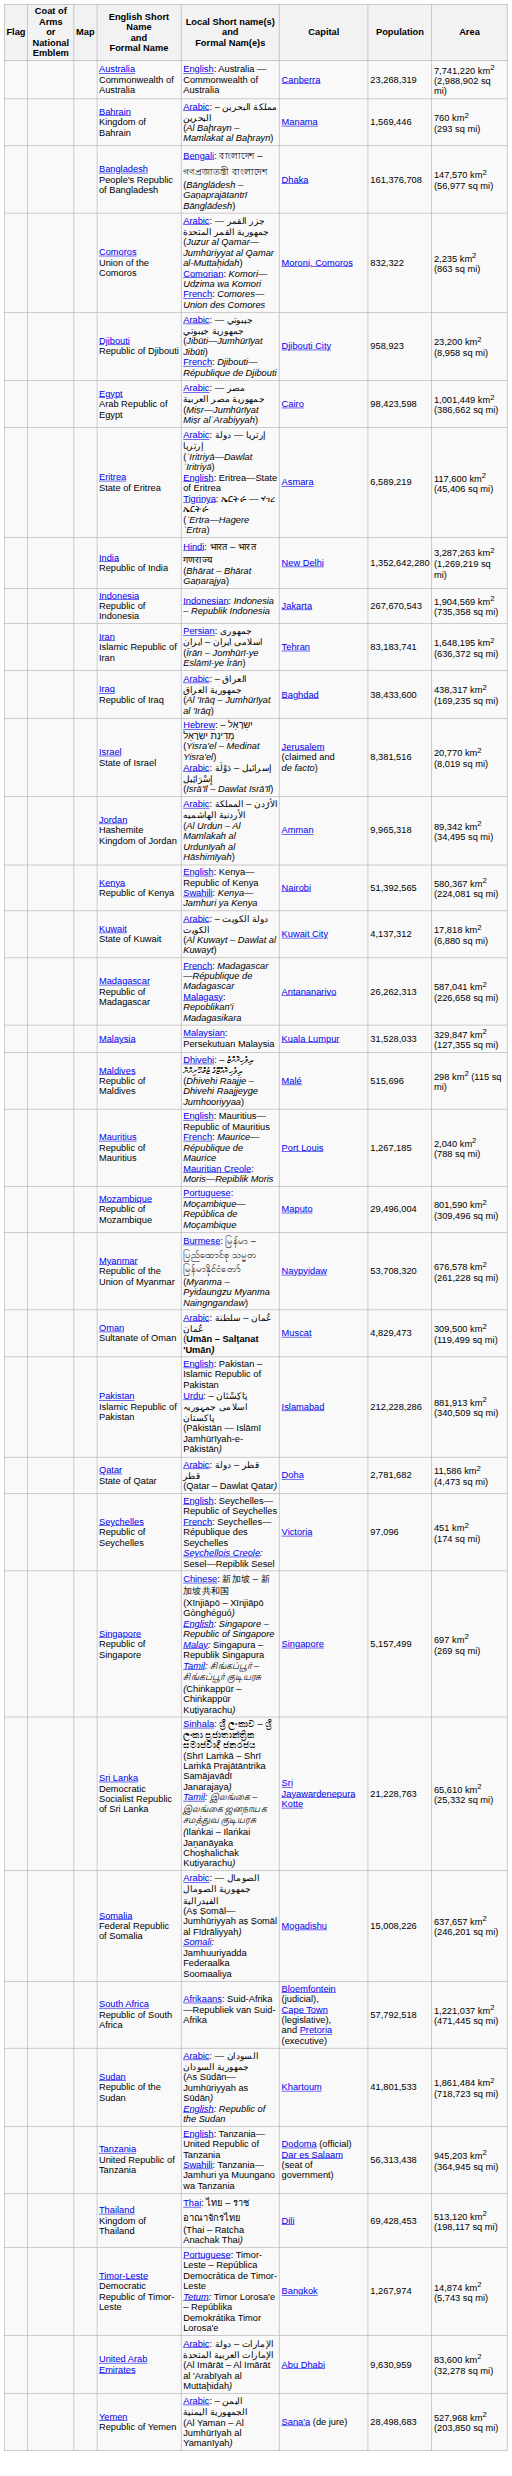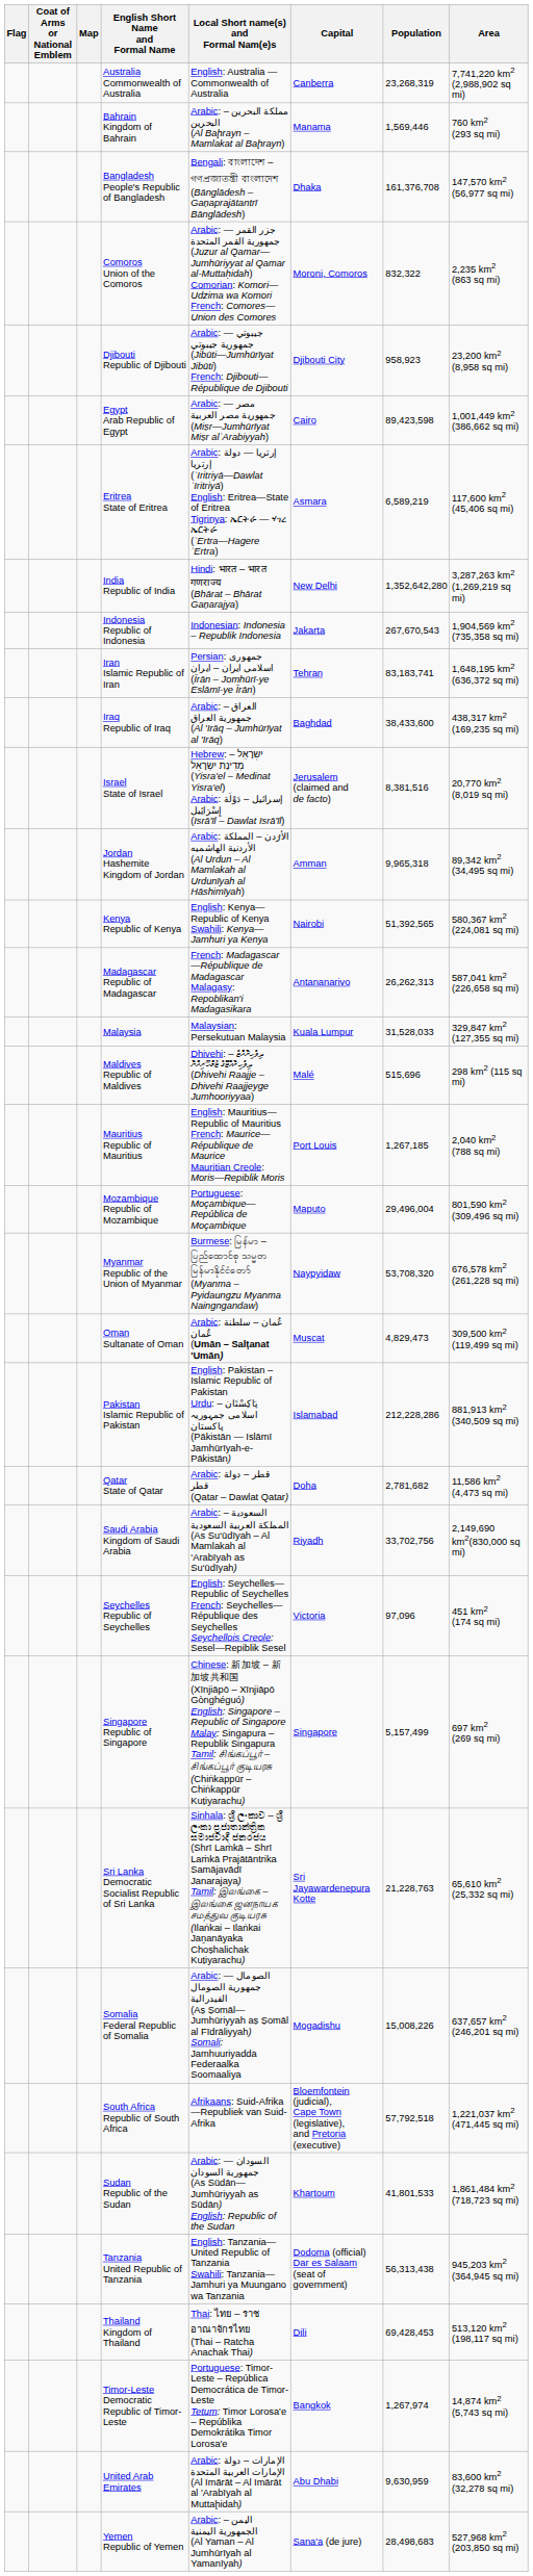 <table class="wikitable sortable mw-collapsible">
 <tr>
 <th>Flag</th>
 <th>Coat of Arms<br>or<br> National Emblem</th>
 <th>Map</th>
 <th>English Short Name<br>and<br> Formal Name</th>
 <th>Local Short name(s)<br>and<br>Formal Nam(e)s</th>
 <th>Capital</th>
 <th>Population</th>
 <th>Area</th>
 </tr>
 <tr>
 <td></td>
 <td></td>
 <td></td>
 <td><a href='#'>Australia</a><br>Commonwealth of Australia</td>
 <td><a href='#'>English</a>: Australia — Commonwealth of Australia</td>
 <td><a href='#'>Canberra</a></td>
 <td>23,268,319</td>
 <td>7,741,220 km<sup>2</sup><br>(2,988,902 sq mi)</td>
 </tr>
 <tr>
 <td></td>
 <td></td>
 <td></td>
 <td><a href='#'>Bahrain</a><br>Kingdom of Bahrain</td>
 <td><a href='#'>Arabic</a>: مملكة البحرين – البحرين<br>(<em>Al Baḩrayn – Mamlakat al Baḩrayn</em>)</td>
 <td><a href='#'>Manama</a></td>
 <td>1,569,446</td>
 <td>760 km<sup>2</sup><br>(293 sq mi)</td>
 </tr>
 <tr>
 <td></td>
 <td></td>
 <td></td>
 <td><a href='#'>Bangladesh</a><br>People's Republic of Bangladesh</td>
 <td><a href='#'>Bengali</a>: বাংলাদেশ – গণপ্রজাতন্ত্রী বাংলাদেশ<br>(<em>Bānglādesh – Gaṇaprajātantrī Bānglādesh</em>)</td>
 <td><a href='#'>Dhaka</a></td>
 <td>161,376,708</td>
 <td>147,570 km<sup>2</sup><br>(56,977 sq mi)</td>
 </tr>
 <tr>
 <td></td>
 <td></td>
 <td></td>
 <td><a href='#'>Comoros</a><br>Union of the Comoros</td>
 <td><a href='#'>Arabic</a>: جزر القمر — جمهورية القمر المتحدة<br>(<em>Juzur al Qamar—Jumhūriyyat al Qamar al-Muttaḥidah</em>)<br><a href='#'>Comorian</a>: <em>Komori—Udzima wa Komori</em><br><a href='#'>French</a>: <em>Comores—Union des Comores</em></td>
 <td><a href='#'>Moroni, Comoros</a></td>
 <td>832,322</td>
 <td>2,235 km<sup>2</sup><br>(863 sq mi)</td>
 </tr>
 <tr>
 <td></td>
 <td></td>
 <td></td>
 <td><a href='#'>Djibouti</a><br>Republic of Djibouti</td>
 <td><a href='#'>Arabic</a>: جيبوتي — جمهورية جيبوتي<br>(<em>Jibūti—Jumhūrīyat Jibūti</em>)<br><a href='#'>French</a>: <em>Djibouti—République de Djibouti</em></td>
 <td><a href='#'>Djibouti City</a></td>
 <td>958,923</td>
 <td>23,200 km<sup>2</sup><br>(8,958 sq mi)</td>
 </tr>
 <tr>
 <td></td>
 <td></td>
 <td></td>
 <td><a href='#'>Egypt</a><br>Arab Republic of Egypt</td>
 <td><a href='#'>Arabic</a>: مصر — جمهورية مصر العربية<br>(<em>Miṣr—Jumhūrīyat Miṣr alʿArabiyyah</em>)</td>
 <td><a href='#'>Cairo</a></td>
-<td>98,423,598</td>
+<td>89,423,598</td>
 <td>1,001,449 km<sup>2</sup><br>(386,662 sq mi)</td>
 </tr>
 <tr>
 <td></td>
 <td></td>
 <td></td>
 <td><a href='#'>Eritrea</a><br>State of Eritrea</td>
 <td><a href='#'>Arabic</a>: إرتريا — دولة إرتريا<br>(<em>ʾIritriyā—Dawlat ʾIritriyā</em>)<br><a href='#'>English</a>: Eritrea—State of Eritrea<br><a href='#'>Tigrinya</a>: ኤርትራ — ሃገረ ኤርትራ<br>(<em>ʾErtra—Hagere ʾErtra</em>)</td>
 <td><a href='#'>Asmara</a></td>
 <td>6,589,219</td>
 <td>117,600 km<sup>2</sup><br>(45,406 sq mi)</td>
 </tr>
 <tr>
 <td></td>
 <td></td>
 <td></td>
 <td><a href='#'>India</a><br>Republic of India</td>
 <td><a href='#'>Hindi</a>: भारत – भारत गणराज्य<br>(<em>Bhārat – Bhārat Gaṇarajya</em>)</td>
 <td><a href='#'>New Delhi</a></td>
 <td>1,352,642,280</td>
 <td>3,287,263 km<sup>2</sup> (1,269,219 sq mi)</td>
 </tr>
 <tr>
 <td></td>
 <td></td>
 <td></td>
 <td><a href='#'>Indonesia</a><br>Republic of Indonesia</td>
 <td><a href='#'>Indonesian</a>: <em>Indonesia – Republik Indonesia</em></td>
 <td><a href='#'>Jakarta</a></td>
 <td>267,670,543</td>
 <td>1,904,569 km<sup>2</sup> (735,358 sq mi)</td>
 </tr>
 <tr>
 <td></td>
 <td></td>
 <td></td>
 <td><a href='#'>Iran</a><br>Islamic Republic of Iran</td>
 <td><a href='#'>Persian</a>: جمهوری اسلامی ایران – ایران<br>(<em>Īrān – Jomhūrī-ye Eslāmī-ye Īrān</em>)</td>
 <td><a href='#'>Tehran</a></td>
 <td>83,183,741</td>
 <td>1,648,195 km<sup>2</sup> (636,372 sq mi)</td>
 </tr>
 <tr>
 <td></td>
 <td></td>
 <td></td>
 <td><a href='#'>Iraq</a><br>Republic of Iraq</td>
 <td><a href='#'>Arabic</a>: العراق – جمهورية العراق<br>(<em>Al 'Irāq – Jumhūrīyat al 'Irāq</em>)</td>
 <td><a href='#'>Baghdad</a></td>
 <td>38,433,600</td>
 <td>438,317 km<sup>2</sup> (169,235 sq mi)</td>
 </tr>
 <tr>
 <td></td>
 <td></td>
 <td></td>
 <td><a href='#'>Israel</a><br>State of Israel</td>
 <td><a href='#'>Hebrew</a>: יִשְרָאֵל – מְדִינַת יִשְׂרָאֵל<br>(<em>Yisra'el – Medinat Yisra'el</em>)<br><a href='#'>Arabic</a>: إسرائيل – دَوْلَة إِسْرَائِيل<br>(<em>Isrā'īl – Dawlat Isrā'īl</em>)</td>
 <td><a href='#'>Jerusalem</a><br>(claimed and<br><em>de facto</em>)</td>
 <td>8,381,516</td>
 <td>20,770 km<sup>2</sup><br>(8,019 sq mi)</td>
 </tr>
 <tr>
 <td></td>
 <td></td>
 <td></td>
 <td><a href='#'>Jordan</a><br>Hashemite Kingdom of Jordan</td>
 <td><a href='#'>Arabic</a>: اﻷرُدن – المملكة الأردنية الهاشميه<br>(<em>Al Urdun – Al Mamlakah al Urdunīyah al Hāshimīyah</em>)</td>
 <td><a href='#'>Amman</a></td>
 <td>9,965,318</td>
 <td>89,342 km<sup>2</sup> (34,495 sq mi)</td>
 </tr>
 <tr>
 <td></td>
 <td></td>
 <td></td>
 <td><a href='#'>Kenya</a><br>Republic of Kenya</td>
 <td><a href='#'>English</a>: Kenya—Republic of Kenya<br><a href='#'>Swahili</a>: <em>Kenya—Jamhuri ya Kenya</em></td>
 <td><a href='#'>Nairobi</a></td>
 <td>51,392,565</td>
 <td>580,367 km<sup>2</sup><br>(224,081 sq mi)</td>
-</tr>
-<tr>
-<td></td>
-<td></td>
-<td></td>
-<td><a href='#'>Kuwait</a><br>State of Kuwait</td>
-<td><a href='#'>Arabic</a>: دولة الكويت – اﻟﻜﻮﻳت<br>(<em>Al Kuwayt – Dawlat al Kuwayt</em>)</td>
-<td><a href='#'>Kuwait City</a></td>
-<td>4,137,312</td>
-<td>17,818 km<sup>2</sup> (6,880 sq mi)</td>
 </tr>
 <tr>
 <td></td>
 <td></td>
 <td></td>
 <td><a href='#'>Madagascar</a><br>Republic of Madagascar</td>
 <td><a href='#'>French</a>: <em>Madagascar—République de Madagascar</em><br><a href='#'>Malagasy</a>: <em>Repoblikan'i Madagasikara</em></td>
 <td><a href='#'>Antananarivo</a></td>
 <td>26,262,313</td>
 <td>587,041 km<sup>2</sup><br>(226,658 sq mi)</td>
 </tr>
 <tr>
 <td></td>
 <td></td>
 <td></td>
 <td><a href='#'>Malaysia</a></td>
 <td><a href='#'>Malaysian</a>: Persekutuan Malaysia</td>
 <td><a href='#'>Kuala Lumpur</a></td>
 <td>31,528,033</td>
 <td>329,847 km<sup>2</sup> (127,355 sq mi)</td>
 </tr>
 <tr>
 <td></td>
 <td></td>
 <td></td>
 <td><a href='#'>Maldives</a><br>Republic of Maldives</td>
 <td><a href='#'>Dhivehi</a>: ދިވެހިރާއްޖެ – ދިވެހިރާއްޖޭގެ ޖުމްހޫރިއްޔާ<br>(<em>Dhivehi Raajje – Dhivehi Raajjeyge Jumhooriyyaa</em>)</td>
 <td><a href='#'>Malé</a></td>
 <td>515,696</td>
 <td>298 km<sup>2</sup> (115 sq mi)</td>
 </tr>
 <tr>
 <td></td>
 <td></td>
 <td></td>
 <td><a href='#'>Mauritius</a><br>Republic of Mauritius</td>
 <td><a href='#'>English</a>: Mauritius—Republic of Mauritius<br><a href='#'>French</a>: <em>Maurice—République de Maurice</em><br><a href='#'>Mauritian Creole</a>: <em>Moris—Repiblik Moris</em></td>
 <td><a href='#'>Port Louis</a></td>
 <td>1,267,185</td>
 <td>2,040 km<sup>2</sup><br>(788 sq mi)</td>
 </tr>
 <tr>
 <td></td>
 <td></td>
 <td></td>
 <td><a href='#'>Mozambique</a><br>Republic of Mozambique</td>
 <td><a href='#'>Portuguese</a>: <em>Moçambique—República de Moçambique</em></td>
 <td><a href='#'>Maputo</a></td>
 <td>29,496,004</td>
 <td>801,590 km<sup>2</sup><br>(309,496 sq mi)</td>
 </tr>
 <tr>
 <td></td>
 <td></td>
 <td></td>
 <td><a href='#'>Myanmar</a><br>Republic of the Union of Myanmar</td>
 <td><a href='#'>Burmese</a>: မြန်မာ – ပြည်ထောင်စု သမ္မတ မြန်မာနိုင်ငံတော်<br>(<em>Myanma – Pyidaungzu Myanma Naingngandaw</em>)</td>
 <td><a href='#'>Naypyidaw</a></td>
 <td>53,708,320</td>
 <td>676,578 km<sup>2</sup> (261,228 sq mi)</td>
 </tr>
 <tr>
 <td></td>
 <td></td>
 <td></td>
 <td><a href='#'>Oman</a><br>Sultanate of Oman</td>
 <td><a href='#'>Arabic</a>: عُمان – سلطنة عُمان<br>(<strong>Umān – Salţanat 'Umān<em>)</td>
 <td><a href='#'>Muscat</a></td>
 <td>4,829,473</td>
 <td>309,500 km<sup>2</sup> (119,499 sq mi)</td>
 </tr>
 <tr>
 <td></td>
 <td></td>
 <td></td>
 <td><a href='#'>Pakistan</a><br>Islamic Republic of Pakistan</td>
 <td><a href='#'>English</a>: Pakistan – Islamic Republic of Pakistan<br><a href='#'>Urdu</a>: پَاکِسْتَان – اسلامی جمہوریہ پاکستان<br>(</em>Pākistān — Islāmī Jamhūrīyah-e-Pākistān<em>)</td>
 <td><a href='#'>Islamabad</a></td>
 <td>212,228,286</td>
 <td>881,913 km<sup>2</sup> (340,509 sq mi)</td>
 </tr>
 <tr>
 <td></td>
 <td></td>
 <td></td>
 <td><a href='#'>Qatar</a><br>State of Qatar</td>
 <td><a href='#'>Arabic</a>: قطر – دولة قطر<br>(</em>Qatar – Dawlat Qatar<em>)</td>
 <td><a href='#'>Doha</a></td>
 <td>2,781,682</td>
 <td>11,586 km<sup>2</sup> (4,473 sq mi)</td>
+</tr>
+<tr>
+<td></td>
+<td></td>
+<td></td>
+<td><a href='#'>Saudi Arabia</a><br>Kingdom of Saudi Arabia</td>
+<td><a href='#'>Arabic</a>: السعودية – المملكة العربية السعودية<br>(</em>As Su‘ūdīyah – Al Mamlakah al ‘Arabīyah as Su‘ūdīyah<em>)</td>
+<td><a href='#'>Riyadh</a></td>
+<td>33,702,756</td>
+<td>2,149,690 km<sup>2</sup>(830,000 sq mi)</td>
 </tr>
 <tr>
 <td></td>
 <td></td>
 <td></td>
 <td><a href='#'>Seychelles</a><br>Republic of Seychelles</td>
 <td><a href='#'>English</a>: Seychelles—Republic of Seychelles<br><a href='#'>French</a>: </em>Seychelles—République des Seychelles<em><br><a href='#'>Seychellois Creole</a>: </em>Sesel—Repiblik Sesel<em></td>
 <td><a href='#'>Victoria</a></td>
 <td>97,096</td>
 <td>451 km<sup>2</sup><br>(174 sq mi)</td>
 </tr>
 <tr>
 <td></td>
 <td></td>
 <td></td>
 <td><a href='#'>Singapore</a><br>Republic of Singapore</td>
 <td><a href='#'>Chinese</a>: 新加坡 – 新加坡共和国<br>(</em>Xīnjiāpō – Xīnjiāpō Gònghéguó<em>)<br><a href='#'>English</a>: Singapore – Republic of Singapore<br><a href='#'>Malay</a>: </em>Singapura – Republik Singapura<em><br><a href='#'>Tamil</a>: சிங்கப்பூர் – சிங்கப்பூர் குடியரசு<br>(</em>Chiṅkappūr – Chiṅkappūr Kuṭiyarachu<em>)</td>
 <td><a href='#'>Singapore</a></td>
 <td>5,157,499</td>
 <td>697 km<sup>2</sup><br>(269 sq mi)</td>
 </tr>
 <tr>
 <td></td>
 <td></td>
 <td></td>
 <td><a href='#'>Sri Lanka</a><br>Democratic Socialist Republic of Sri Lanka</td>
 <td><a href='#'>Sinhala</a>: ශ්‍රී ලංකාව – ශ්‍රී ලංකා ප්‍රජාතාන්ත්‍රික සමාජවාදී ජනරජය<br>(</em>Shrī Laṁkā – Shrī Laṁkā Prajātāntrika Samājavādī Janarajaya<em>)<br><a href='#'>Tamil</a>: இலங்கை – இலங்கை ஜனநாயக சமத்துவ குடியரசு<br>(</em>Ilaṅkai – Ilaṅkai Jaṉanāyaka Choṣhalichak Kuṭiyarachu<em>)</td>
 <td><a href='#'>Sri Jayawardenepura Kotte</a></td>
 <td>21,228,763</td>
 <td>65,610 km<sup>2</sup><br>(25,332 sq mi)</td>
 </tr>
 <tr>
 <td></td>
 <td></td>
 <td></td>
 <td><a href='#'>Somalia</a><br>Federal Republic of Somalia</td>
 <td><a href='#'>Arabic</a>: الصومال — جمهورية الصومال الفيدرالية<br>(</em>Aṣ Ṣomāl—Jumhūriyyah aṣ Ṣomāl al Fīdrāliyyah<em>)<br><a href='#'>Somali</a>: </em>Jamhuuriyadda Federaalka Soomaaliya<em></td>
 <td><a href='#'>Mogadishu</a></td>
 <td>15,008,226</td>
 <td>637,657 km<sup>2</sup><br>(246,201 sq mi)</td>
 </tr>
 <tr>
 <td></td>
 <td></td>
 <td></td>
 <td><a href='#'>South Africa</a><br>Republic of South Africa</td>
 <td><a href='#'>Afrikaans</a>: </em>Suid-Afrika—Republiek van Suid-Afrika<em><br><br> </td>
 <td><a href='#'>Bloemfontein</a> (judicial),<br><a href='#'>Cape Town</a> (legislative),<br>and <a href='#'>Pretoria</a> (executive)</td>
 <td>57,792,518</td>
 <td>1,221,037 km<sup>2</sup><br>(471,445 sq mi)</td>
 </tr>
 <tr>
 <td></td>
 <td></td>
 <td></td>
 <td><a href='#'>Sudan</a><br>Republic of the Sudan</td>
 <td><a href='#'>Arabic</a>: السودان — جمهورية السودان<br>(</em>As Sūdān—Jumhūriyyah as Sūdān<em>)<br><a href='#'>English</a>: Republic of the Sudan</td>
 <td><a href='#'>Khartoum</a></td>
 <td>41,801,533</td>
 <td>1,861,484 km<sup>2</sup><br>(718,723 sq mi)</td>
 </tr>
 <tr>
 <td></td>
 <td></td>
 <td></td>
 <td><a href='#'>Tanzania</a><br>United Republic of Tanzania</td>
 <td><a href='#'>English</a>: Tanzania—United Republic of Tanzania<br><a href='#'>Swahili</a>: </em>Tanzania—Jamhuri ya Muungano wa Tanzania<em></td>
 <td><a href='#'>Dodoma</a> (official)<br><a href='#'>Dar es Salaam</a> (seat of government)</td>
 <td>56,313,438</td>
 <td>945,203 km<sup>2</sup><br>(364,945 sq mi)</td>
 </tr>
 <tr>
 <td></td>
 <td></td>
 <td></td>
 <td><a href='#'>Thailand</a><br>Kingdom of Thailand</td>
 <td><a href='#'>Thai</a>: ไทย – ราชอาณาจักรไทย<br>(</em>Thai – Ratcha Anachak Thai<em>)</td>
 <td><a href='#'>Dili</a></td>
 <td>69,428,453</td>
 <td>513,120 km<sup>2</sup> (198,117 sq mi)</td>
 </tr>
 <tr>
 <td></td>
 <td></td>
 <td></td>
 <td><a href='#'>Timor-Leste</a><br>Democratic Republic of Timor-Leste</td>
 <td><a href='#'>Portuguese</a>: </em>Timor-Leste – República Democrática de Timor-Leste<em><br><a href='#'>Tetum</a>: </em>Timor Lorosa'e – Repúblika Demokrátika Timor Lorosa'e<em></td>
 <td><a href='#'>Bangkok</a></td>
 <td>1,267,974</td>
 <td>14,874 km<sup>2</sup> (5,743 sq mi)</td>
 </tr>
 <tr>
 <td></td>
 <td></td>
 <td></td>
 <td><a href='#'>United Arab Emirates</a></td>
 <td><a href='#'>Arabic</a>: اﻹﻣﺎرات – دولة الإمارات العربية المتحدة<br>(</em>Al Imārāt – Al Imārāt al 'Arabīyah al Muttaḩidah<em>)</td>
 <td><a href='#'>Abu Dhabi</a></td>
 <td>9,630,959</td>
 <td>83,600 km<sup>2</sup> (32,278 sq mi)</td>
 </tr>
 <tr>
 <td></td>
 <td></td>
 <td></td>
 <td><a href='#'>Yemen</a><br>Republic of Yemen</td>
 <td><a href='#'>Arabic</a>: اليمن – الجمهورية اليمنية<br>(</em>Al Yaman – Al Jumhūrīyah al Yamanīyah<em>)</td>
 <td><a href='#'>Sana'a</a> (de jure)</td>
 <td>28,498,683</td>
 <td>527,968 km<sup>2</sup> (203,850 sq mi)</td>
 </tr>
 </table>
